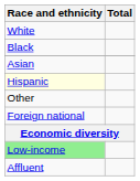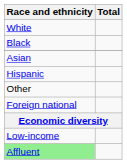 <table class="wikitable floatright sortable collapsible"; text-align:right; font-size:80%;">
 <tr>
 <th>Race and ethnicity</th>
 <th colspan="2" data-sort-type=number>Total</th>
 </tr>
 <tr>
 <td><a href='#'>White</a></td>
 <td align=right></td>
 </tr>
 <tr>
 <td><a href='#'>Black</a></td>
 <td align=right></td>
 </tr>
 <tr>
 </tr>
 <tr>
 <td><a href='#'>Asian</a></td>
 <td align=right></td>
 </tr>
 <tr>
-<td style="background: lightyellow;"><a href='#'>Hispanic</a></td>
+<td><a href='#'>Hispanic</a></td>
 <td align=right></td>
 </tr>
 <tr>
 <td>Other</td>
 <td align=right></td>
 </tr>
 <tr>
 <td><a href='#'>Foreign national</a></td>
 <td align=right></td>
 </tr>
 <tr>
 <th colspan="4" data-sort-type=number><a href='#'>Economic diversity</a></th>
 </tr>
 <tr>
-<td style="background: lightgreen;"><a href='#'>Low-income</a></td>
+<td><a href='#'>Low-income</a></td>
 <td align=right></td>
 </tr>
 <tr>
-<td><a href='#'>Affluent</a></td>
+<td style="background: lightgreen;"><a href='#'>Affluent</a></td>
 <td align=right></td>
 </tr>
 </table>
